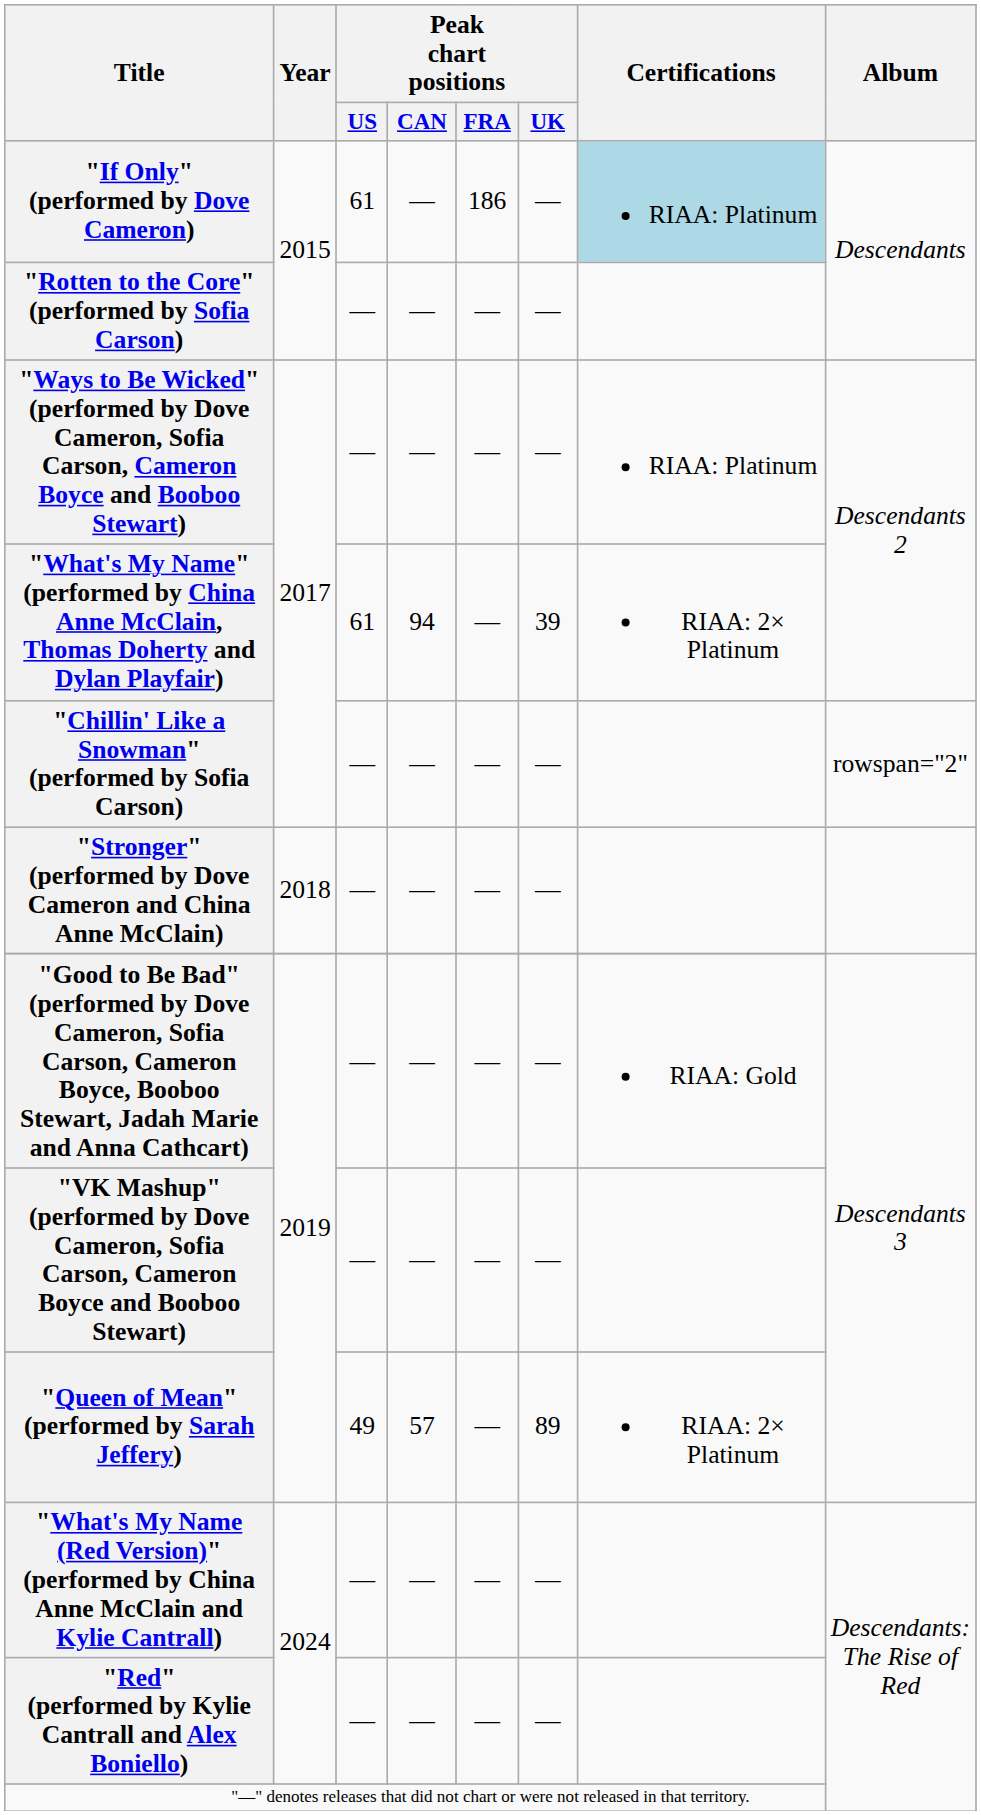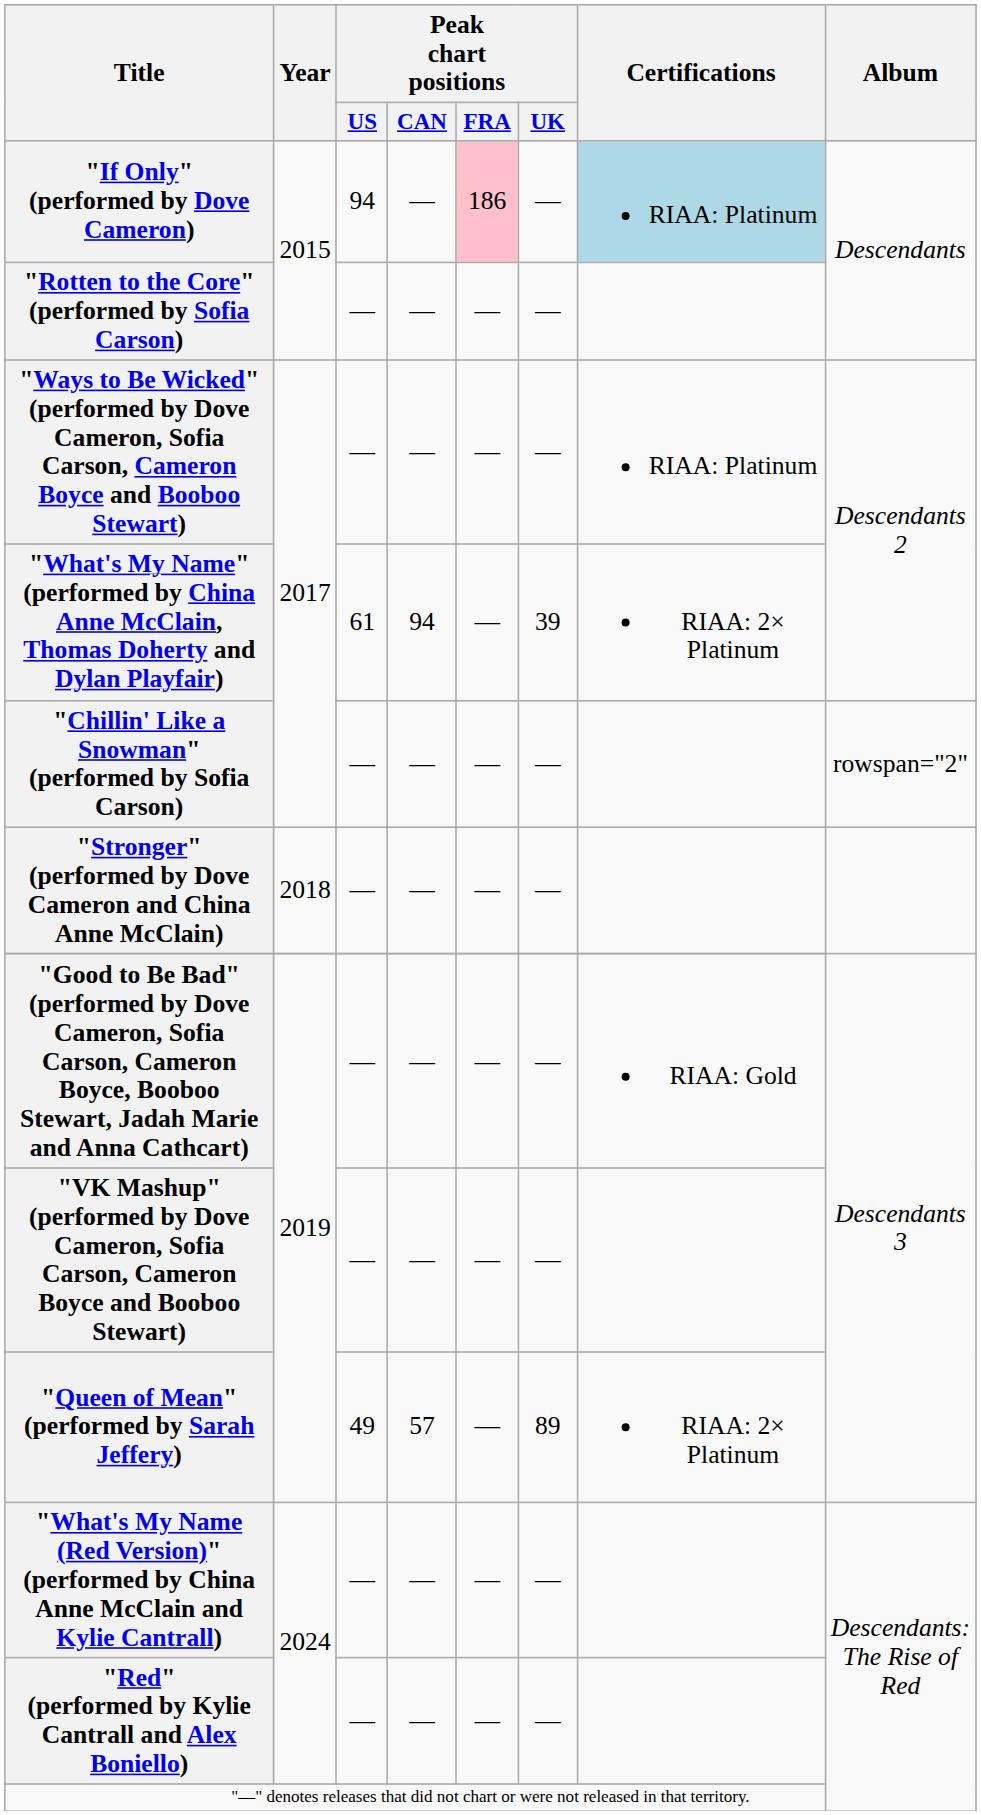 <table class="wikitable plainrowheaders" style="text-align:center">
 <tr>
 <th scope="col" rowspan="2" style="width:18em;">Title</th>
 <th scope="col" rowspan="2">Year</th>
 <th scope="col" colspan="4">Peak <br>chart <br>positions</th>
 <th scope="col" rowspan="2" style="width:14em;">Certifications</th>
 <th scope="col" rowspan="2">Album</th>
 </tr>
 <tr>
 <th scope="col" style="width:2.5em;font-size:90%;"><a href='#'>US</a></th>
 <th scope="col" style="width:3em;font-size:90%;"><a href='#'>CAN</a> <br></th>
 <th scope="col" style="width:2.5em;font-size:90%;"><a href='#'>FRA</a> <br></th>
 <th scope="col" style="width:3em;font-size:90%;"><a href='#'>UK</a><br></th>
 </tr>
 <tr>
 <th scope="row">"<a href='#'>If Only</a>"<br><span>(performed by <a href='#'>Dove Cameron</a>)</span></th>
 <td rowspan="2">2015</td>
-<td>61</td>
+<td>94</td>
 <td>—</td>
-<td>186</td>
+<td style="background: pink;">186</td>
 <td>—</td>
 <td style="background: lightblue;"><br><ul><li>RIAA: Platinum</li></ul></td>
 <td rowspan="2"><em>Descendants</em></td>
 </tr>
 <tr>
 <th scope="row">"<a href='#'>Rotten to the Core</a>"<br><span>(performed by <a href='#'>Sofia Carson</a>)</span></th>
 <td>—</td>
 <td>—</td>
 <td>—</td>
 <td>—</td>
 <td></td>
 </tr>
 <tr>
 <th scope="row">"<a href='#'>Ways to Be Wicked</a>"<br><span>(performed by Dove Cameron, Sofia Carson, <a href='#'>Cameron Boyce</a> and <a href='#'>Booboo Stewart</a>)</span></th>
 <td rowspan="3">2017</td>
 <td>—</td>
 <td>—</td>
 <td>—</td>
 <td>—</td>
 <td><br><ul><li>RIAA: Platinum</li></ul></td>
 <td rowspan="2"><em>Descendants 2</em></td>
 </tr>
 <tr>
 <th scope="row">"<a href='#'>What's My Name</a>"<br><span>(performed by <a href='#'>China Anne McClain</a>, <a href='#'>Thomas Doherty</a> and <a href='#'>Dylan Playfair</a>)</span></th>
 <td>61</td>
 <td>94</td>
 <td>—</td>
 <td>39</td>
 <td><br><ul><li>RIAA: 2× Platinum</li></ul></td>
 </tr>
 <tr>
 <th scope="row">"<a href='#'>Chillin' Like a Snowman</a>"<br><span>(performed by Sofia Carson)</span></th>
 <td>—</td>
 <td>—</td>
 <td>—</td>
 <td>—</td>
 <td></td>
 <td>rowspan="2" </td>
 </tr>
 <tr>
 <th scope="row">"<a href='#'>Stronger</a>" <br><span>(performed by Dove Cameron and China Anne McClain)</span></th>
 <td>2018</td>
 <td>—</td>
 <td>—</td>
 <td>—</td>
 <td>—</td>
 <td></td>
 </tr>
 <tr>
 </tr>
 <tr>
 <th scope="row">"Good to Be Bad" <br><span>(performed by Dove Cameron, Sofia Carson, Cameron Boyce, Booboo Stewart, Jadah Marie and Anna Cathcart)</span></th>
 <td rowspan="3">2019</td>
 <td>—</td>
 <td>—</td>
 <td>—</td>
 <td>—</td>
 <td><br><ul><li>RIAA: Gold</li></ul></td>
 <td rowspan="3"><em>Descendants 3</em></td>
 </tr>
 <tr>
 <th scope="row">"VK Mashup"<br><span>(performed by Dove Cameron, Sofia Carson, Cameron Boyce and Booboo Stewart)</span></th>
 <td>—</td>
 <td>—</td>
 <td>—</td>
 <td>—</td>
 <td></td>
 </tr>
 <tr>
 <th scope="row">"<a href='#'>Queen of Mean</a>" <br><span>(performed by <a href='#'>Sarah Jeffery</a>)</span></th>
 <td>49</td>
 <td>57</td>
 <td>—</td>
 <td>89</td>
 <td><br><ul><li>RIAA: 2× Platinum</li></ul></td>
 </tr>
 <tr>
 <th scope="row">"<a href='#'>What's My Name (Red Version)</a>" <br><span>(performed by China Anne McClain and <a href='#'>Kylie Cantrall</a>)</span></th>
 <td rowspan="2">2024</td>
 <td>—</td>
 <td>—</td>
 <td>—</td>
 <td>—</td>
 <td></td>
 <td rowspan="3"><em>Descendants: The Rise of Red</em></td>
 </tr>
 <tr>
 <th scope="row">"<a href='#'>Red</a>"<br><span>(performed by Kylie Cantrall and <a href='#'>Alex Boniello</a>)</span></th>
 <td>—</td>
 <td>—</td>
 <td>—</td>
 <td>—</td>
 <td></td>
 </tr>
 <tr>
 <td align="center" colspan="15" style="font-size:8pt">"—" denotes releases that did not chart or were not released in that territory.</td>
 </tr>
 </table>
